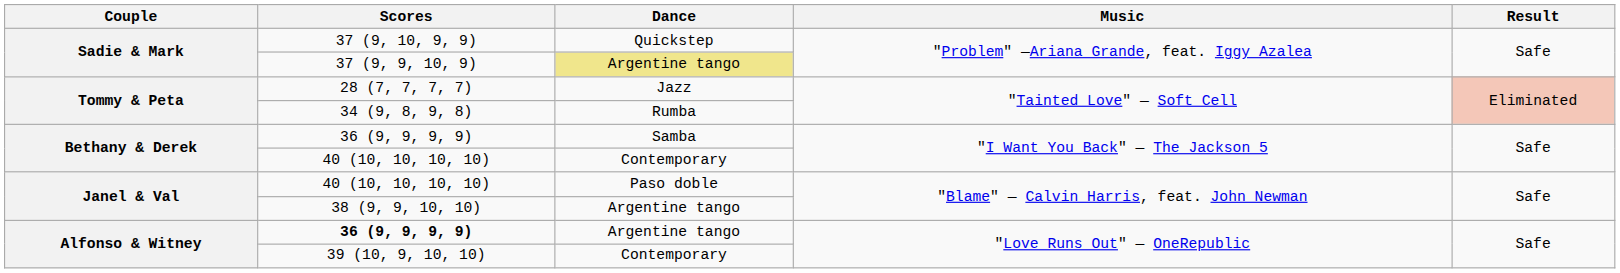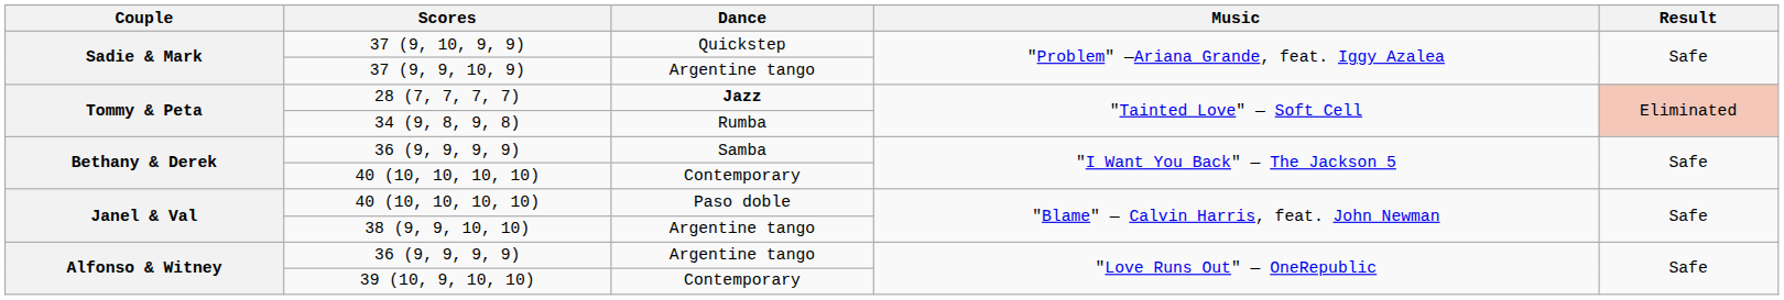 <table class="wikitable sortable" style="text-align:center; width:90%">
 <tr>
 <th scope="col">Couple</th>
 <th scope="col">Scores</th>
 <th scope="col" class="unsortable">Dance</th>
 <th scope="col" class="unsortable">Music</th>
 <th scope="col" class="unsortable">Result</th>
 </tr>
 <tr>
 <th scope="row" rowspan=2>Sadie & Mark</th>
 <td>37 (9, 10, 9, 9)</td>
 <td>Quickstep</td>
 <td rowspan=2>"<a href='#'>Problem</a>"  —<a href='#'>Ariana Grande</a>, feat. <a href='#'>Iggy Azalea</a></td>
 <td rowspan=2>Safe</td>
 </tr>
 <tr>
 <td>37 (9, 9, 10, 9)</td>
-<td style="background: khaki;">Argentine tango</td>
+<td>Argentine tango</td>
 </tr>
 <tr>
 <th scope="row" rowspan=2>Tommy & Peta</th>
 <td>28 (7, 7, 7, 7)</td>
-<td>Jazz</td>
+<td><strong>Jazz</strong></td>
 <td rowspan=2>"<a href='#'>Tainted Love</a>" — <a href='#'>Soft Cell</a></td>
 <td rowspan=2 bgcolor=f4c7b8>Eliminated</td>
 </tr>
 <tr>
 <td>34 (9, 8, 9, 8)</td>
 <td>Rumba</td>
 </tr>
 <tr>
 <th scope="row" rowspan=2>Bethany & Derek</th>
 <td>36 (9, 9, 9, 9)</td>
 <td>Samba</td>
 <td rowspan=2>"<a href='#'>I Want You Back</a>" — <a href='#'>The Jackson 5</a></td>
 <td rowspan=2>Safe</td>
 </tr>
 <tr>
 <td>40 (10, 10, 10, 10)</td>
 <td>Contemporary</td>
 </tr>
 <tr>
 <th scope="row" rowspan=2>Janel & Val</th>
 <td>40 (10, 10, 10, 10)</td>
 <td>Paso doble</td>
 <td rowspan=2>"<a href='#'>Blame</a>" — <a href='#'>Calvin Harris</a>, feat. <a href='#'>John Newman</a></td>
 <td rowspan=2>Safe</td>
 </tr>
 <tr>
 <td>38 (9, 9, 10, 10)</td>
 <td>Argentine tango</td>
 </tr>
 <tr>
 <th scope="row" rowspan=2>Alfonso & Witney</th>
-<td><strong>36 (9, 9, 9, 9)</strong></td>
+<td>36 (9, 9, 9, 9)</td>
 <td>Argentine tango</td>
 <td rowspan=2>"<a href='#'>Love Runs Out</a>" — <a href='#'>OneRepublic</a></td>
 <td rowspan=2>Safe</td>
 </tr>
 <tr>
 <td>39 (10, 9, 10, 10)</td>
 <td>Contemporary</td>
 </tr>
 </table>
